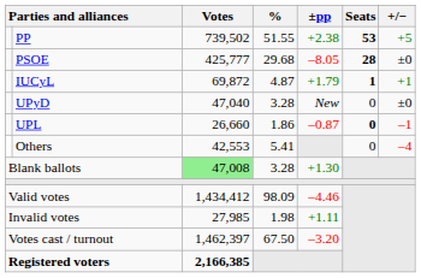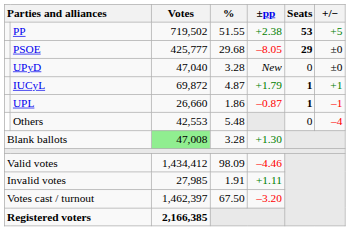 <table class="wikitable" style="text-align:right;">
 <tr>
 <th style="text-align:left;" colspan="2" width="200">Parties and alliances</th>
 <th width="75">Votes</th>
 <th width="45">%</th>
 <th width="45">±<a href='#'>pp</a></th>
 <th width="35">Seats</th>
 <th width="35">+/−</th>
 </tr>
 <tr>
 <td width="1" style="color:inherit;background:"></td>
 <td align="left"><a href='#'>PP</a></td>
-<td>739,502</td>
+<td>719,502</td>
 <td>51.55</td>
 <td style="color:green;">+2.38</td>
 <td><strong>53</strong></td>
 <td style="color:green;">+5</td>
 </tr>
 <tr>
 <td style="color:inherit;background:"></td>
 <td align="left"><a href='#'>PSOE</a></td>
 <td>425,777</td>
 <td>29.68</td>
 <td style="color:red;">–8.05</td>
-<td><strong>28</strong></td>
+<td><strong>29</strong></td>
+<td>±0</td>
+</tr>
+<tr>
+<td style="color:inherit;background:"></td>
+<td align="left"><a href='#'>UPyD</a></td>
+<td>47,040</td>
+<td>3.28</td>
+<td><em>New</em></td>
+<td>0</td>
 <td>±0</td>
 </tr>
 <tr>
 <td style="color:inherit;background:"></td>
 <td align="left"><a href='#'>IUCyL</a></td>
 <td>69,872</td>
 <td>4.87</td>
 <td style="color:green;">+1.79</td>
 <td><strong>1</strong></td>
 <td style="color:green;">+1</td>
 </tr>
 <tr>
 <td style="color:inherit;background:"></td>
-<td align="left"><a href='#'>UPyD</a></td>
-<td>47,040</td>
-<td>3.28</td>
-<td><em>New</em></td>
-<td>0</td>
-<td>±0</td>
-</tr>
-<tr>
-<td style="color:inherit;background:"></td>
 <td align="left"><a href='#'>UPL</a></td>
 <td>26,660</td>
 <td>1.86</td>
 <td style="color:red;">–0.87</td>
-<td><strong>0</strong></td>
+<td><strong>1</strong></td>
 <td style="color:red;">–1</td>
 </tr>
 <tr>
 <td bgcolor="white"></td>
 <td align="left">Others</td>
 <td>42,553</td>
-<td>5.41</td>
+<td>5.48</td>
 <td bgcolor="#E9E9E9"></td>
 <td>0</td>
 <td style="color:red;">–4</td>
 </tr>
 <tr>
 <td align="left" colspan="2">Blank ballots</td>
 <td style="background: lightgreen;">47,008</td>
 <td>3.28</td>
 <td style="color:green;">+1.30</td>
 <td bgcolor="#E9E9E9" colspan="2"></td>
 </tr>
 <tr>
 <td colspan="7" bgcolor="#E9E9E9"></td>
 </tr>
 <tr>
 <td align="left" colspan="2">Valid votes</td>
 <td>1,434,412</td>
 <td>98.09</td>
 <td style="color:red;">–4.46</td>
 <td bgcolor="#E9E9E9" colspan="2" rowspan="4"></td>
 </tr>
 <tr>
 <td align="left" colspan="2">Invalid votes</td>
 <td>27,985</td>
-<td>1.98</td>
+<td>1.91</td>
 <td style="color:green;">+1.11</td>
 </tr>
 <tr>
 <td align="left" colspan="2">Votes cast / turnout</td>
 <td>1,462,397</td>
 <td>67.50</td>
 <td style="color:red;">–3.20</td>
 </tr>
 <tr style="font-weight:bold;">
 <td align="left" colspan="2">Registered voters</td>
 <td>2,166,385</td>
 <td bgcolor="#E9E9E9" colspan="2"></td>
 </tr>
 </table>
